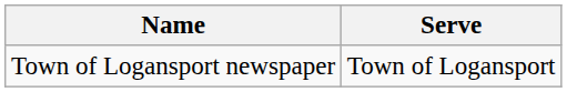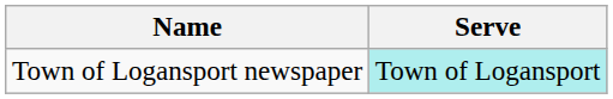 <table class="wikitable sortable">
 <tr>
 <th>Name</th>
 <th>Serve</th>
 </tr>
 <tr>
 <td>Town of Logansport newspaper</td>
-<td>Town of Logansport</td>
+<td style="background: paleturquoise;">Town of Logansport</td>
 </tr>
 </table>
